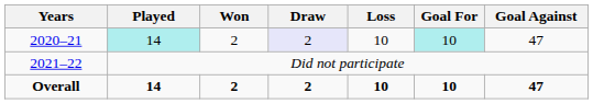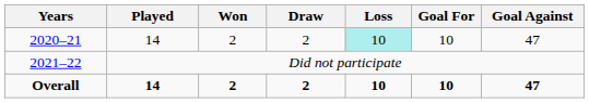 <table class="wikitable" style="width:50%;text-align:center">
 <tr>
 <th width=10>Years</th>
 <th width=10>Played</th>
 <th width=10>Won</th>
 <th width=10>Draw</th>
 <th width=10>Loss</th>
 <th width=10>Goal For</th>
 <th width=10>Goal Against</th>
 </tr>
 <tr>
 <td><a href='#'>2020–21</a></td>
-<td style="background: paleturquoise;">14</td>
+<td>14</td>
 <td>2</td>
-<td style="background: lavender;">2</td>
+<td>2</td>
+<td style="background: paleturquoise;">10</td>
 <td>10</td>
-<td style="background: paleturquoise;">10</td>
 <td>47</td>
 </tr>
 <tr>
 <td><a href='#'>2021–22</a></td>
 <td colspan=8><em>Did not participate</em></td>
 </tr>
 <tr>
 <td><strong>Overall</strong></td>
 <td><strong>14</strong></td>
 <td><strong>2</strong></td>
 <td><strong>2</strong></td>
 <td><strong>10</strong></td>
 <td><strong>10</strong></td>
 <td><strong>47</strong></td>
 </tr>
 </table>
